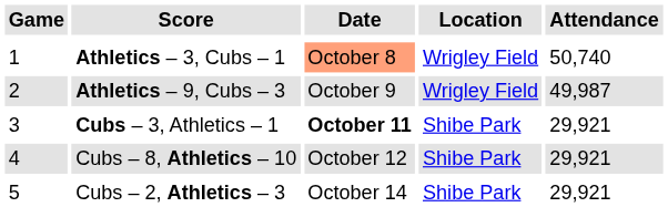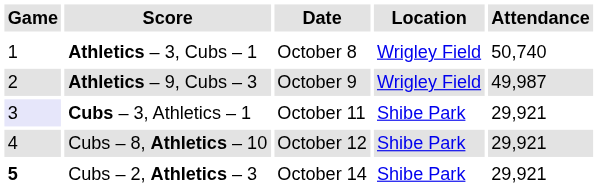 <table border="0" cellspacing="3" cellpadding="3">
 <tr style="background: #e3e3e3;">
 <th>Game</th>
 <th>Score</th>
 <th>Date</th>
 <th>Location</th>
 <th>Attendance</th>
 </tr>
 <tr style="background: #e3e3e3;">
 </tr>
 <tr>
 <td>1</td>
 <td><strong>Athletics</strong> – 3, Cubs – 1</td>
-<td style="background: lightsalmon;">October 8</td>
+<td>October 8</td>
 <td><a href='#'>Wrigley Field</a></td>
 <td>50,740</td>
 </tr>
 <tr style="background: #e3e3e3;">
 <td>2</td>
 <td><strong>Athletics</strong> – 9, Cubs – 3</td>
 <td>October 9</td>
 <td><a href='#'>Wrigley Field</a></td>
 <td>49,987</td>
 </tr>
 <tr>
-<td>3</td>
+<td style="background: lavender;">3</td>
 <td><strong>Cubs</strong> – 3, Athletics – 1</td>
-<td><strong>October 11</strong></td>
+<td>October 11</td>
 <td><a href='#'>Shibe Park</a></td>
 <td>29,921</td>
 </tr>
 <tr style="background: #e3e3e3;">
 <td>4</td>
 <td>Cubs – 8, <strong>Athletics</strong> – 10</td>
 <td>October 12</td>
 <td><a href='#'>Shibe Park</a></td>
 <td>29,921</td>
 </tr>
 <tr>
-<td>5</td>
+<td><strong>5</strong></td>
 <td>Cubs – 2, <strong>Athletics</strong> – 3</td>
 <td>October 14</td>
 <td><a href='#'>Shibe Park</a></td>
 <td>29,921</td>
 </tr>
 <tr style="background: #e3e3e3;">
 </tr>
 </table>
